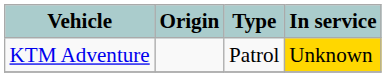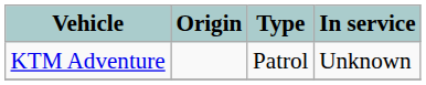 <table class="wikitable">
 <tr>
 <th style="text-align:center; background:#acc;">Vehicle</th>
 <th style="text-align: center; background:#acc;">Origin</th>
 <th style="text-align:l center; background:#acc;">Type</th>
 <th style="text-align:center; background:#acc;">In service</th>
 </tr>
 <tr>
 <td><a href='#'>KTM Adventure</a></td>
 <td></td>
 <td>Patrol</td>
-<td style="background: gold;">Unknown</td>
+<td>Unknown</td>
 </tr>
 <tr>
 </tr>
 </table>
